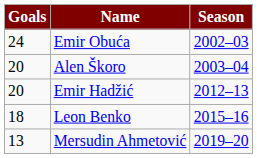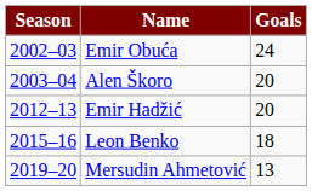 <table class="wikitable">
 <tr>
+<th style="color:#FFFFFF;background:#800000;">Season</th>
+<th style="color:#FFFFFF;background:#800000;">Name</th>
 <th style="color:#FFFFFF;background:#800000;">Goals</th>
-<th style="color:#FFFFFF;background:#800000;">Name</th>
-<th style="color:#FFFFFF;background:#800000;">Season</th>
 </tr>
 <tr>
+<td><a href='#'>2002–03</a></td>
+<td> <a href='#'>Emir Obuća</a></td>
 <td>24</td>
-<td> <a href='#'>Emir Obuća</a></td>
-<td><a href='#'>2002–03</a></td>
 </tr>
 <tr>
+<td><a href='#'>2003–04</a></td>
+<td> <a href='#'>Alen Škoro</a></td>
 <td>20</td>
-<td> <a href='#'>Alen Škoro</a></td>
-<td><a href='#'>2003–04</a></td>
 </tr>
 <tr>
+<td><a href='#'>2012–13</a></td>
+<td> <a href='#'>Emir Hadžić</a></td>
 <td>20</td>
-<td> <a href='#'>Emir Hadžić</a></td>
-<td><a href='#'>2012–13</a></td>
 </tr>
 <tr>
+<td><a href='#'>2015–16</a></td>
+<td> <a href='#'>Leon Benko</a></td>
 <td>18</td>
-<td> <a href='#'>Leon Benko</a></td>
-<td><a href='#'>2015–16</a></td>
 </tr>
 <tr>
+<td><a href='#'>2019–20</a></td>
+<td> <a href='#'>Mersudin Ahmetović</a></td>
 <td>13</td>
-<td> <a href='#'>Mersudin Ahmetović</a></td>
-<td><a href='#'>2019–20</a></td>
 </tr>
 </table>
